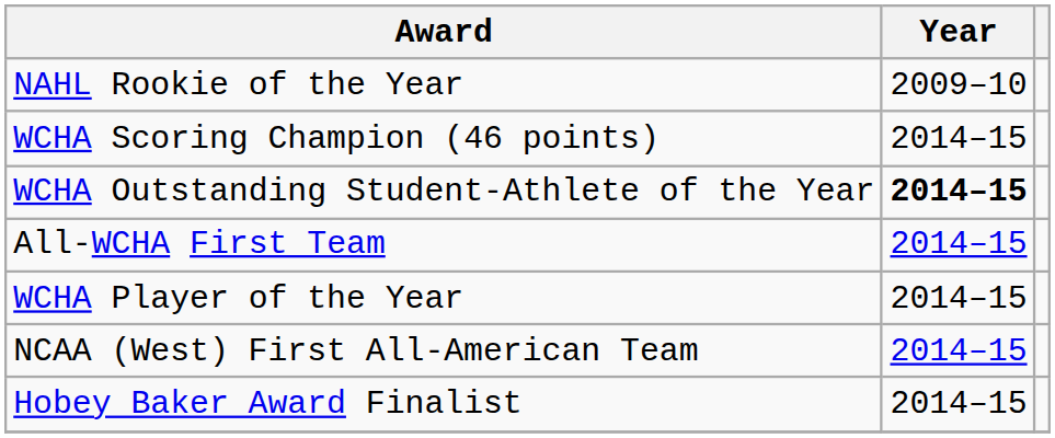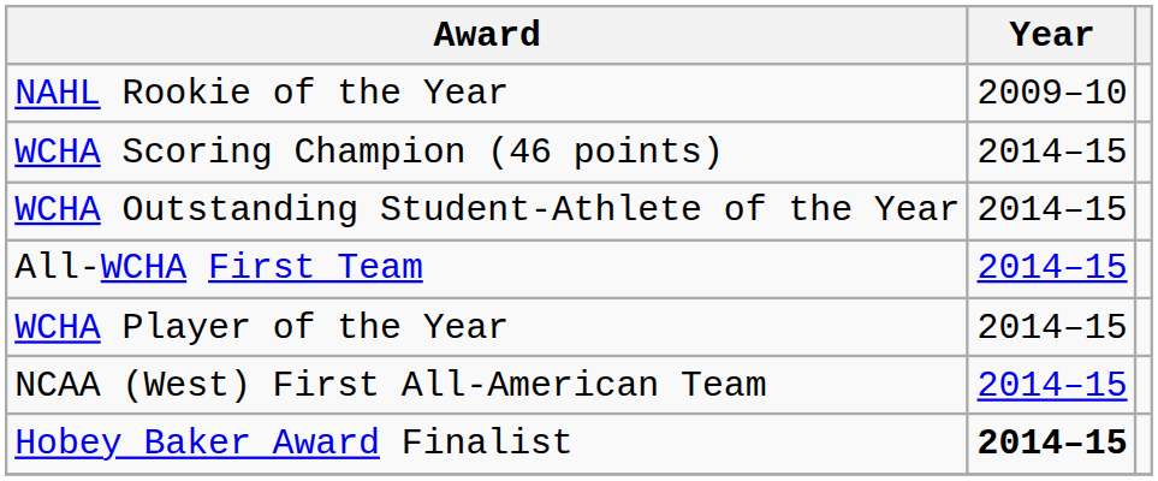 <table class="wikitable">
 <tr>
 <th>Award</th>
 <th>Year</th>
 <th></th>
 </tr>
 <tr>
 <td><a href='#'>NAHL</a> Rookie of the Year</td>
 <td>2009–10</td>
 <td></td>
 </tr>
 <tr>
 <td><a href='#'>WCHA</a> Scoring Champion (46 points)</td>
 <td>2014–15</td>
 <td></td>
 </tr>
 <tr>
 <td><a href='#'>WCHA</a> Outstanding Student-Athlete of the Year</td>
-<td><strong>2014–15</strong></td>
+<td>2014–15</td>
 <td></td>
 </tr>
 <tr>
 <td>All-<a href='#'>WCHA</a> <a href='#'>First Team</a></td>
 <td><a href='#'>2014–15</a></td>
 <td></td>
 </tr>
 <tr>
 <td><a href='#'>WCHA</a> Player of the Year</td>
 <td>2014–15</td>
 <td></td>
 </tr>
 <tr>
 <td>NCAA (West) First All-American Team</td>
 <td><a href='#'>2014–15</a></td>
 <td></td>
 </tr>
 <tr>
 <td><a href='#'>Hobey Baker Award</a> Finalist</td>
-<td>2014–15</td>
+<td><strong>2014–15</strong></td>
 <td></td>
 </tr>
 <tr>
 </tr>
 </table>
